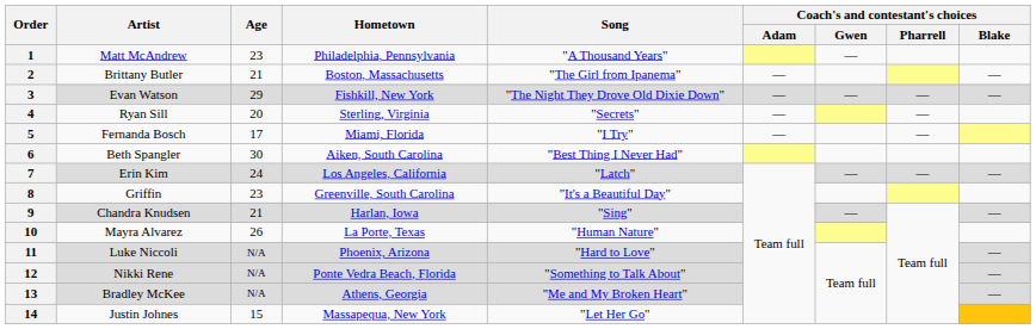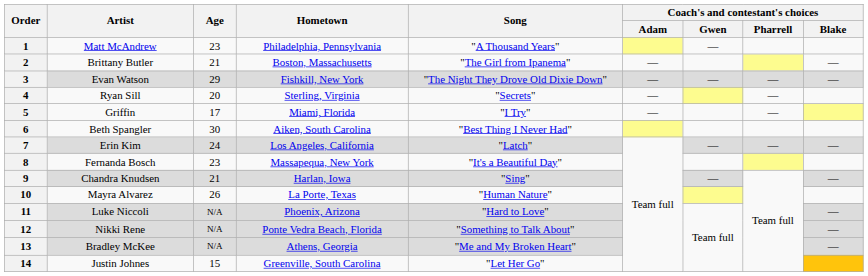 <table class="wikitable" style="text-align:center; line-height:17px; width:100%;">
 <tr>
 <th scope="col" rowspan="2" width="05%">Order</th>
 <th scope="col" rowspan="2" width="17%">Artist</th>
 <th scope="col" rowspan="2" width="05%">Age</th>
 <th scope="col" rowspan="2" width="20%">Hometown</th>
 <th scope="col" rowspan="2" width="25%">Song</th>
 <th scope="col" colspan="4" width="28%">Coach's and contestant's choices</th>
 </tr>
 <tr>
 <th width="07%">Adam</th>
 <th width="07%">Gwen</th>
 <th width="07%">Pharrell</th>
 <th width="07%">Blake</th>
 </tr>
 <tr>
 <th>1</th>
 <td><a href='#'>Matt McAndrew</a></td>
 <td>23</td>
 <td><a href='#'>Philadelphia, Pennsylvania</a></td>
 <td>"<a href='#'>A Thousand Years</a>"</td>
 <td style="background:#fdfc8f;"><strong></strong></td>
 <td>—</td>
 <td><strong></strong></td>
 <td><strong></strong></td>
 </tr>
 <tr>
 <th>2</th>
 <td>Brittany Butler</td>
 <td>21</td>
 <td><a href='#'>Boston, Massachusetts</a></td>
 <td>"<a href='#'>The Girl from Ipanema</a>"</td>
 <td>—</td>
 <td><strong></strong></td>
 <td style="background:#fdfc8f;"><strong></strong></td>
 <td>—</td>
 </tr>
 <tr>
 <th>3</th>
 <td style="background:#DCDCDC;">Evan Watson</td>
 <td style="background:#DCDCDC;">29</td>
 <td style="background:#DCDCDC;"><a href='#'>Fishkill, New York</a></td>
 <td style="background:#DCDCDC;">"<a href='#'>The Night They Drove Old Dixie Down</a>"</td>
 <td style="background:#DCDCDC;">—</td>
 <td style="background:#DCDCDC;">—</td>
 <td style="background:#DCDCDC;">—</td>
 <td style="background:#DCDCDC;">—</td>
 </tr>
 <tr>
 <th>4</th>
 <td>Ryan Sill</td>
 <td>20</td>
 <td><a href='#'>Sterling, Virginia</a></td>
 <td>"<a href='#'>Secrets</a>"</td>
 <td>—</td>
 <td style="background:#fdfc8f;"><strong></strong></td>
 <td>—</td>
 <td><strong></strong></td>
 </tr>
 <tr>
 <th>5</th>
-<td>Fernanda Bosch</td>
+<td>Griffin<br></td>
 <td>17</td>
 <td><a href='#'>Miami, Florida</a></td>
 <td>"<a href='#'>I Try</a>"</td>
 <td>—</td>
 <td><strong></strong></td>
 <td>—</td>
 <td style="background:#fdfc8f;"><strong></strong></td>
 </tr>
 <tr>
 <th>6</th>
 <td>Beth Spangler</td>
 <td>30</td>
 <td><a href='#'>Aiken, South Carolina</a></td>
 <td>"<a href='#'>Best Thing I Never Had</a>"</td>
 <td style="background:#fdfc8f;"><strong></strong></td>
 <td><strong></strong></td>
 <td><strong></strong></td>
 <td><strong></strong></td>
 </tr>
 <tr>
 <th>7</th>
 <td style="background:#DCDCDC;">Erin Kim</td>
 <td style="background:#DCDCDC;">24</td>
 <td style="background:#DCDCDC;"><a href='#'>Los Angeles, California</a></td>
 <td style="background:#DCDCDC;">"<a href='#'>Latch</a>"</td>
 <td rowspan="8">Team full</td>
 <td style="background:#DCDCDC;">—</td>
 <td style="background:#DCDCDC;">—</td>
 <td style="background:#DCDCDC;">—</td>
 </tr>
 <tr>
 <th>8</th>
-<td>Griffin<br></td>
+<td>Fernanda Bosch</td>
 <td>23</td>
-<td><a href='#'>Greenville, South Carolina</a></td>
+<td><a href='#'>Massapequa, New York</a></td>
 <td>"<a href='#'>It's a Beautiful Day</a>"</td>
 <td><strong></strong></td>
 <td style="background:#fdfc8f;"><strong></strong></td>
 <td><strong></strong></td>
 </tr>
 <tr>
 <th>9</th>
 <td style="background:#DCDCDC;">Chandra Knudsen</td>
 <td style="background:#DCDCDC;">21</td>
 <td style="background:#DCDCDC;"><a href='#'>Harlan, Iowa</a></td>
 <td style="background:#DCDCDC;">"<a href='#'>Sing</a>"</td>
 <td style="background:#DCDCDC;">—</td>
 <td rowspan="6">Team full</td>
 <td style="background:#DCDCDC;">—</td>
 </tr>
 <tr>
 <th>10</th>
 <td>Mayra Alvarez</td>
 <td>26</td>
 <td><a href='#'>La Porte, Texas</a></td>
 <td>"<a href='#'>Human Nature</a>"</td>
 <td style="background:#fdfc8f;"><strong></strong></td>
 <td><strong></strong></td>
 </tr>
 <tr>
 <th>11</th>
 <td style="background:#DCDCDC;">Luke Niccoli</td>
 <td style="background:#DCDCDC;"><small>N/A</small></td>
 <td style="background:#DCDCDC;"><a href='#'>Phoenix, Arizona</a></td>
 <td style="background:#DCDCDC;">"<a href='#'>Hard to Love</a>"</td>
 <td rowspan="4">Team full</td>
 <td style="background:#DCDCDC;">—</td>
 </tr>
 <tr>
 <th>12</th>
 <td style="background:#DCDCDC;">Nikki Rene</td>
 <td style="background:#DCDCDC;"><small>N/A</small></td>
 <td style="background:#DCDCDC;"><a href='#'>Ponte Vedra Beach, Florida</a></td>
 <td style="background:#DCDCDC;">"<a href='#'>Something to Talk About</a>"</td>
 <td style="background:#DCDCDC;">—</td>
 </tr>
 <tr>
 <th>13</th>
 <td style="background:#DCDCDC;">Bradley McKee</td>
 <td style="background:#DCDCDC;"><small>N/A</small></td>
 <td style="background:#DCDCDC;"><a href='#'>Athens, Georgia</a></td>
 <td style="background:#DCDCDC;">"<a href='#'>Me and My Broken Heart</a>"</td>
 <td style="background:#DCDCDC;">—</td>
 </tr>
 <tr>
 <th>14</th>
 <td>Justin Johnes</td>
 <td>15</td>
-<td><a href='#'>Massapequa, New York</a></td>
+<td><a href='#'>Greenville, South Carolina</a></td>
 <td>"<a href='#'>Let Her Go</a>"</td>
 <td style="background:#FFC40C;"><strong></strong></td>
 </tr>
 </table>
